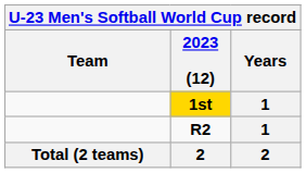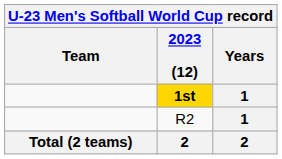 <table class="wikitable" style="text-align:center; font-size:85%;">
 <tr>
 <th colspan=32><a href='#'>U-23 Men's Softball World Cup</a> record</th>
 </tr>
 <tr>
 <th>Team</th>
 <th><a href='#'>2023</a><br><br>(12)</th>
 <th>Years</th>
 </tr>
 <tr>
 <td align=left></td>
 <td style="background:Gold"><strong>1st</strong></td>
 <th>1</th>
 </tr>
 <tr>
 <td align=left></td>
-<td><strong>R2<br></strong></td>
+<td>R2<br></td>
 <th>1</th>
 </tr>
 <tr>
 <th>Total (2 teams)</th>
 <th>2</th>
 <th>2</th>
 </tr>
 </table>
